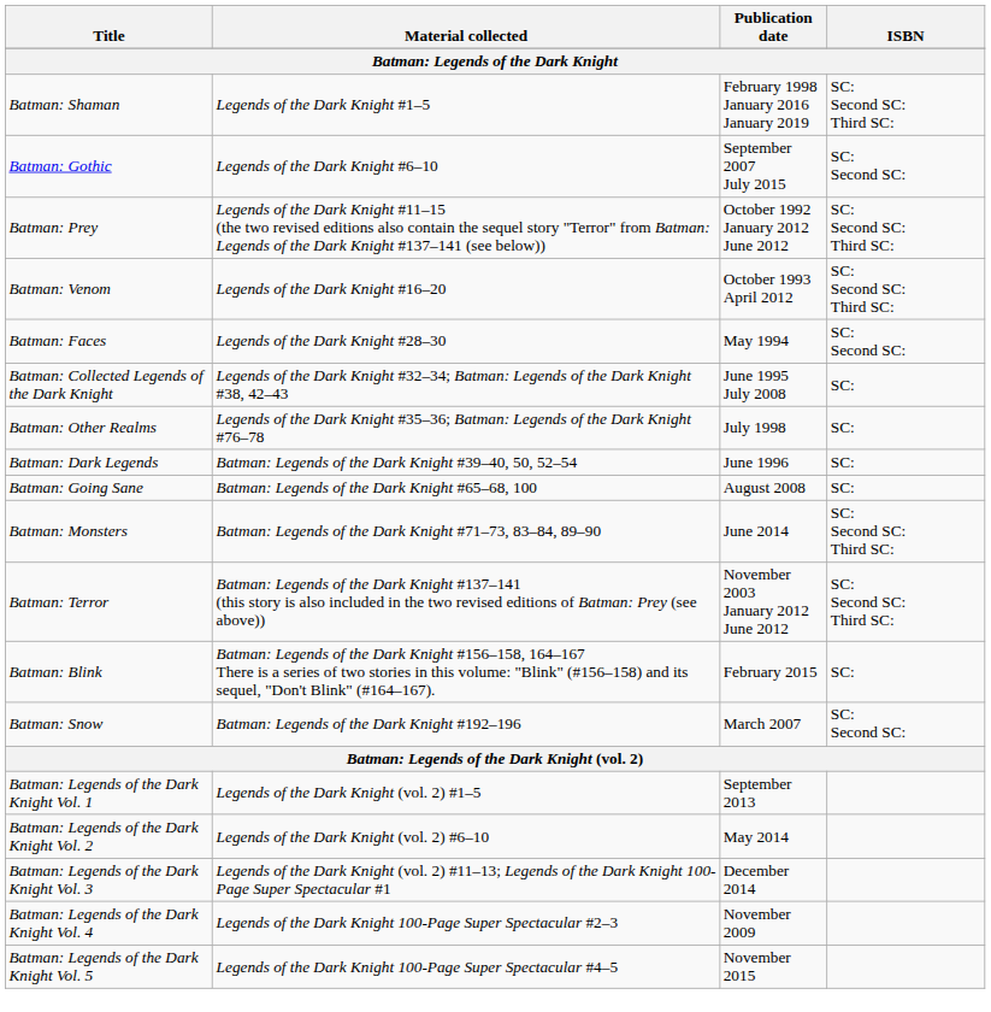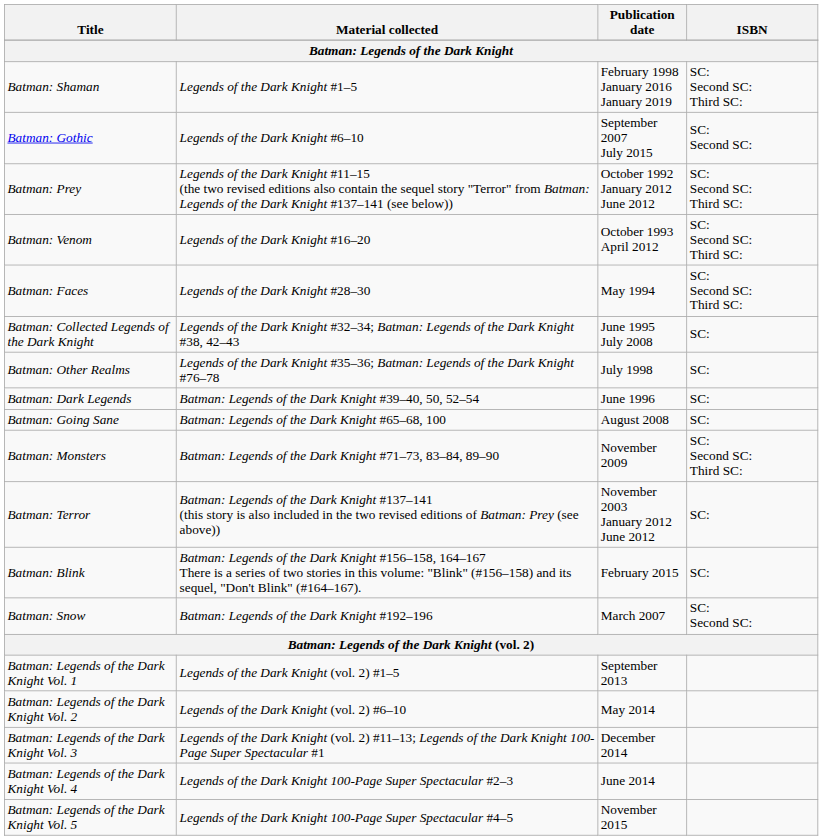 <table class="wikitable collapsible">
 <tr>
 <th style="vertical-align:bottom; width:200px;">Title</th>
 <th style="vertical-align:bottom; width:500px;" class="unsortable">Material collected</th>
 <th style="vertical-align:bottom; width:100px;">Publication date</th>
 <th style="vertical-align:bottom; width:150px;">ISBN</th>
 </tr>
 <tr style="vertical-align:top;">
 </tr>
 <tr>
 <th colspan="4"><em>Batman: Legends of the Dark Knight</em></th>
 </tr>
 <tr>
 <td><em>Batman: Shaman</em></td>
 <td><em>Legends of the Dark Knight</em> #1–5</td>
 <td>February 1998<br>January 2016<br> January 2019</td>
 <td>SC: <br>Second SC: <br> Third SC: </td>
 </tr>
 <tr>
 <td><em><a href='#'>Batman: Gothic</a></em></td>
 <td><em>Legends of the Dark Knight</em> #6–10</td>
 <td>September 2007<br>July 2015</td>
 <td>SC: <br>Second SC: </td>
 </tr>
 <tr>
 <td><em>Batman: Prey</em></td>
 <td><em>Legends of the Dark Knight</em> #11–15<br>(the two revised editions also contain the sequel story "Terror" from <em>Batman: Legends of the Dark Knight</em> #137–141 (see below))</td>
 <td>October 1992<br>January 2012<br> June 2012</td>
 <td>SC: <br>Second SC: <br>  Third SC: </td>
 </tr>
 <tr>
 <td><em>Batman: Venom</em></td>
 <td><em>Legends of the Dark Knight</em> #16–20</td>
 <td>October 1993<br>April 2012</td>
 <td>SC: <br>Second SC: <br>  Third SC: </td>
 </tr>
 <tr>
 <td><em>Batman: Faces</em></td>
 <td><em>Legends of the Dark Knight</em> #28–30</td>
 <td>May 1994</td>
-<td>SC: <br>Second SC: </td>
+<td>SC: <br>Second SC: <br>  Third SC: </td>
 </tr>
 <tr>
 <td><em>Batman: Collected Legends of the Dark Knight</em></td>
 <td><em>Legends of the Dark Knight</em> #32–34; <em>Batman: Legends of the Dark Knight</em> #38, 42–43</td>
 <td>June 1995<br>July 2008</td>
 <td>SC: </td>
 </tr>
 <tr>
 <td><em>Batman: Other Realms</em></td>
 <td><em>Legends of the Dark Knight</em> #35–36; <em>Batman: Legends of the Dark Knight</em> #76–78</td>
 <td>July 1998</td>
 <td>SC: </td>
 </tr>
 <tr>
 <td><em>Batman: Dark Legends</em></td>
 <td><em>Batman: Legends of the Dark Knight</em> #39–40, 50, 52–54</td>
 <td>June 1996</td>
 <td>SC: </td>
 </tr>
 <tr>
 <td><em>Batman: Going Sane</em></td>
 <td><em>Batman: Legends of the Dark Knight</em> #65–68, 100</td>
 <td>August 2008</td>
 <td>SC: </td>
 </tr>
 <tr>
 <td><em>Batman: Monsters</em></td>
 <td><em>Batman: Legends of the Dark Knight</em> #71–73, 83–84, 89–90</td>
-<td>June 2014</td>
+<td>November 2009</td>
 <td>SC: <br>Second SC: <br>  Third SC: </td>
 </tr>
 <tr>
 <td><em>Batman: Terror</em></td>
 <td><em>Batman: Legends of the Dark Knight</em> #137–141<br>(this story is also included in the two revised editions of <em>Batman: Prey</em> (see above))</td>
 <td>November 2003<br>January 2012<br> June 2012</td>
-<td>SC: <br>Second SC: <br>  Third SC: </td>
+<td>SC: </td>
 </tr>
 <tr>
 <td><em>Batman: Blink</em></td>
 <td><em>Batman: Legends of the Dark Knight</em> #156–158, 164–167<br>There is a series of two stories in this volume: "Blink" (#156–158) and its sequel, "Don't Blink" (#164–167).</td>
 <td>February 2015</td>
 <td>SC: </td>
 </tr>
 <tr>
 <td><em>Batman: Snow</em></td>
 <td><em>Batman: Legends of the Dark Knight</em> #192–196</td>
 <td>March 2007</td>
 <td>SC: <br>Second SC: </td>
 </tr>
 <tr>
 <th colspan="4"><em>Batman: Legends of the Dark Knight</em> (vol. 2)</th>
 </tr>
 <tr>
 <td><em>Batman: Legends of the Dark Knight Vol. 1</em></td>
 <td><em>Legends of the Dark Knight</em> (vol. 2) #1–5</td>
 <td>September 2013</td>
 <td></td>
 </tr>
 <tr>
 <td><em>Batman: Legends of the Dark Knight Vol. 2</em></td>
 <td><em>Legends of the Dark Knight</em> (vol. 2) #6–10</td>
 <td>May 2014</td>
 <td></td>
 </tr>
 <tr>
 <td><em>Batman: Legends of the Dark Knight Vol. 3</em></td>
 <td><em>Legends of the Dark Knight</em> (vol. 2) #11–13; <em>Legends of the Dark Knight 100-Page Super Spectacular</em> #1</td>
 <td>December 2014</td>
 <td></td>
 </tr>
 <tr>
 <td><em>Batman: Legends of the Dark Knight Vol. 4</em></td>
 <td><em>Legends of the Dark Knight 100-Page Super Spectacular</em> #2–3</td>
-<td>November 2009</td>
+<td>June 2014</td>
 <td></td>
 </tr>
 <tr>
 <td><em>Batman: Legends of the Dark Knight Vol. 5</em></td>
 <td><em>Legends of the Dark Knight 100-Page Super Spectacular</em> #4–5</td>
 <td>November 2015</td>
 <td></td>
 </tr>
 </table>
